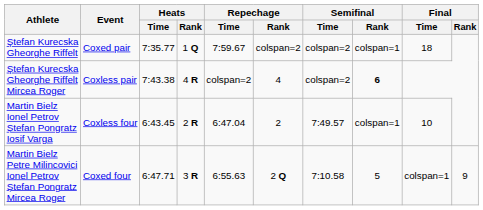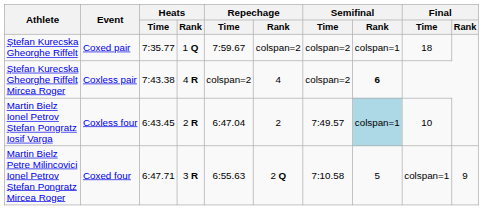 <table class="wikitable" style="font-size:90%">
 <tr>
 <th rowspan="2">Athlete</th>
 <th rowspan="2">Event</th>
 <th colspan="2">Heats</th>
 <th colspan="2">Repechage</th>
 <th colspan="2">Semifinal</th>
 <th colspan="2">Final</th>
 </tr>
 <tr style="font-size:95%">
 <th>Time</th>
 <th>Rank</th>
 <th>Time</th>
 <th>Rank</th>
 <th>Time</th>
 <th>Rank</th>
 <th>Time</th>
 <th>Rank</th>
 </tr>
 <tr align=center>
 <td align=left><a href='#'>Ştefan Kurecska</a><br><a href='#'>Gheorghe Riffelt</a></td>
 <td align=left><a href='#'>Coxed pair</a></td>
 <td>7:35.77</td>
 <td>1 <strong>Q</strong></td>
 <td>7:59.67</td>
 <td>colspan=2 </td>
 <td>colspan=2 </td>
 <td>colspan=1 </td>
 <td>18</td>
 </tr>
 <tr align=center>
 <td align=left><a href='#'>Ştefan Kurecska</a><br><a href='#'>Gheorghe Riffelt</a><br><a href='#'>Mircea Roger</a></td>
 <td align=left><a href='#'>Coxless pair</a></td>
 <td>7:43.38</td>
 <td>4 <strong>R</strong></td>
 <td>colspan=2 </td>
 <td>4</td>
 <td>colspan=2 </td>
 <td><strong>6</strong></td>
 </tr>
 <tr align=center>
 <td align=left><a href='#'>Martin Bielz</a><br><a href='#'>Ionel Petrov</a><br><a href='#'>Ștefan Pongratz</a><br><a href='#'>Iosif Varga</a></td>
 <td align=left><a href='#'>Coxless four</a></td>
 <td>6:43.45</td>
 <td>2 <strong>R</strong></td>
 <td>6:47.04</td>
 <td>2</td>
 <td>7:49.57</td>
-<td>colspan=1 </td>
+<td style="background: lightblue;">colspan=1 </td>
 <td>10</td>
 </tr>
 <tr align=center>
 <td align=left><a href='#'>Martin Bielz</a><br><a href='#'>Petre Milincovici</a><br><a href='#'>Ionel Petrov</a><br><a href='#'>Ștefan Pongratz</a><br><a href='#'>Mircea Roger</a></td>
 <td align=left><a href='#'>Coxed four</a></td>
 <td>6:47.71</td>
 <td>3 <strong>R</strong></td>
 <td>6:55.63</td>
 <td>2 <strong>Q</strong></td>
 <td>7:10.58</td>
 <td>5</td>
 <td>colspan=1 </td>
 <td>9</td>
 </tr>
 </table>
